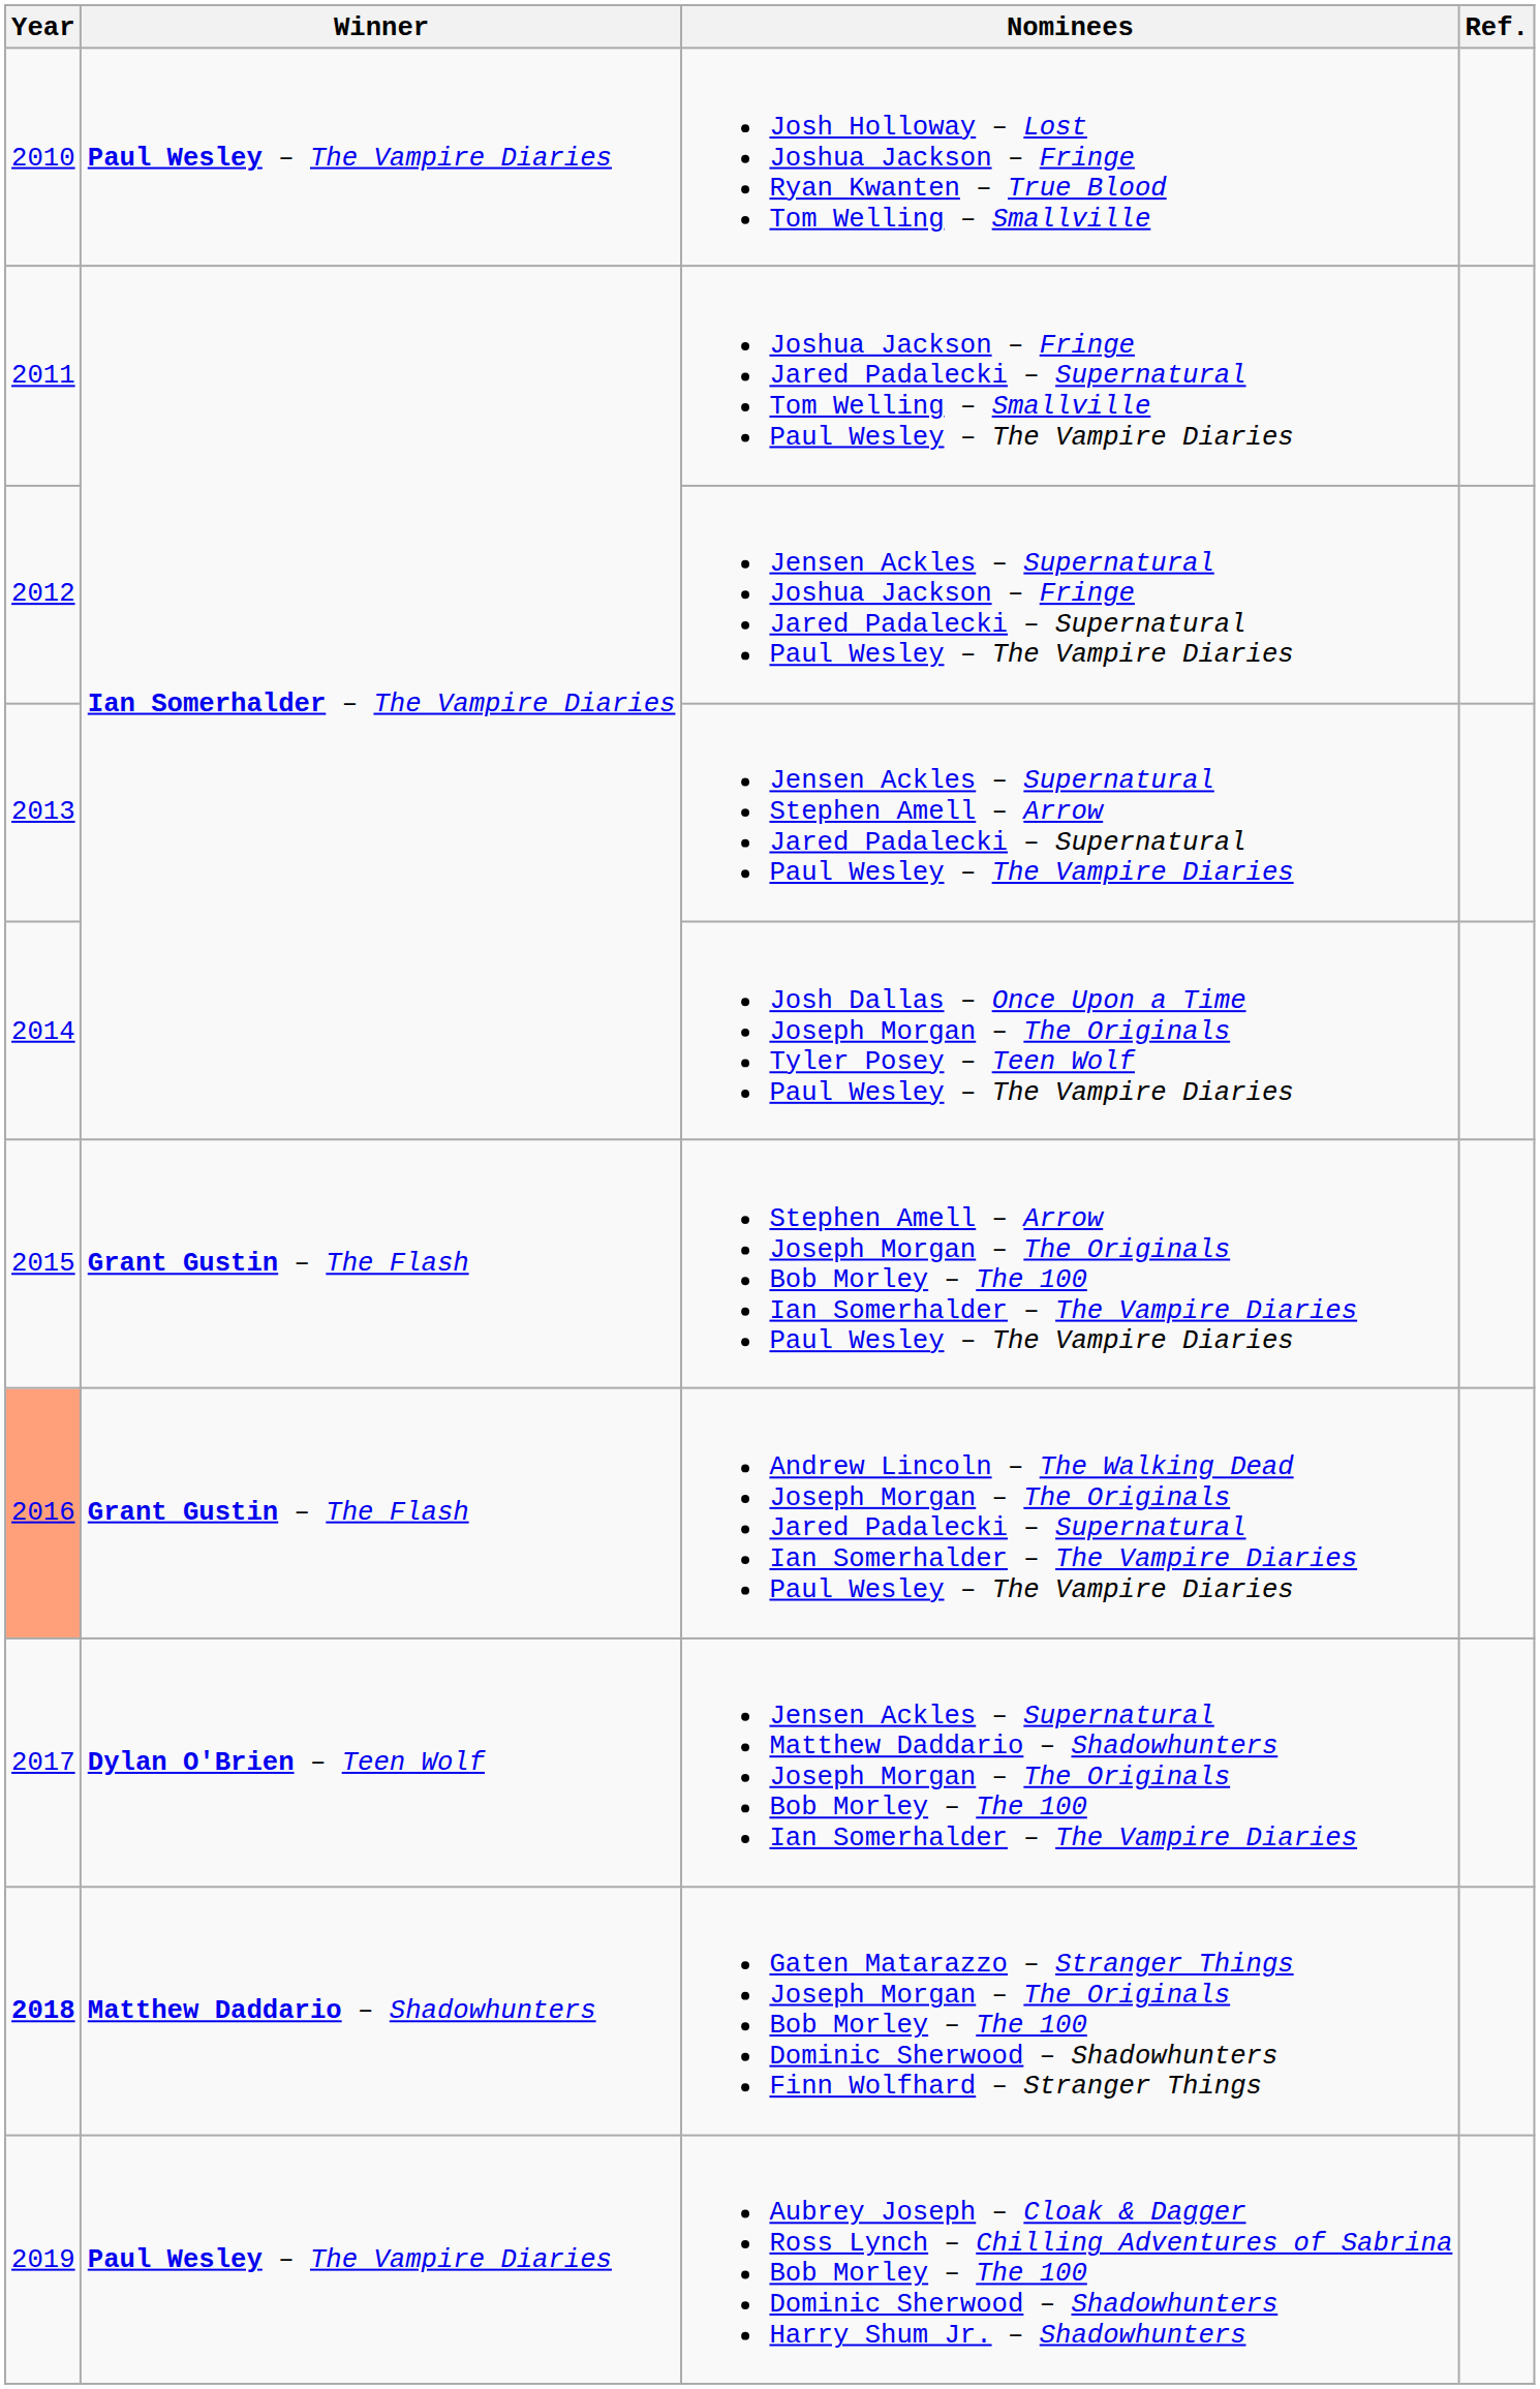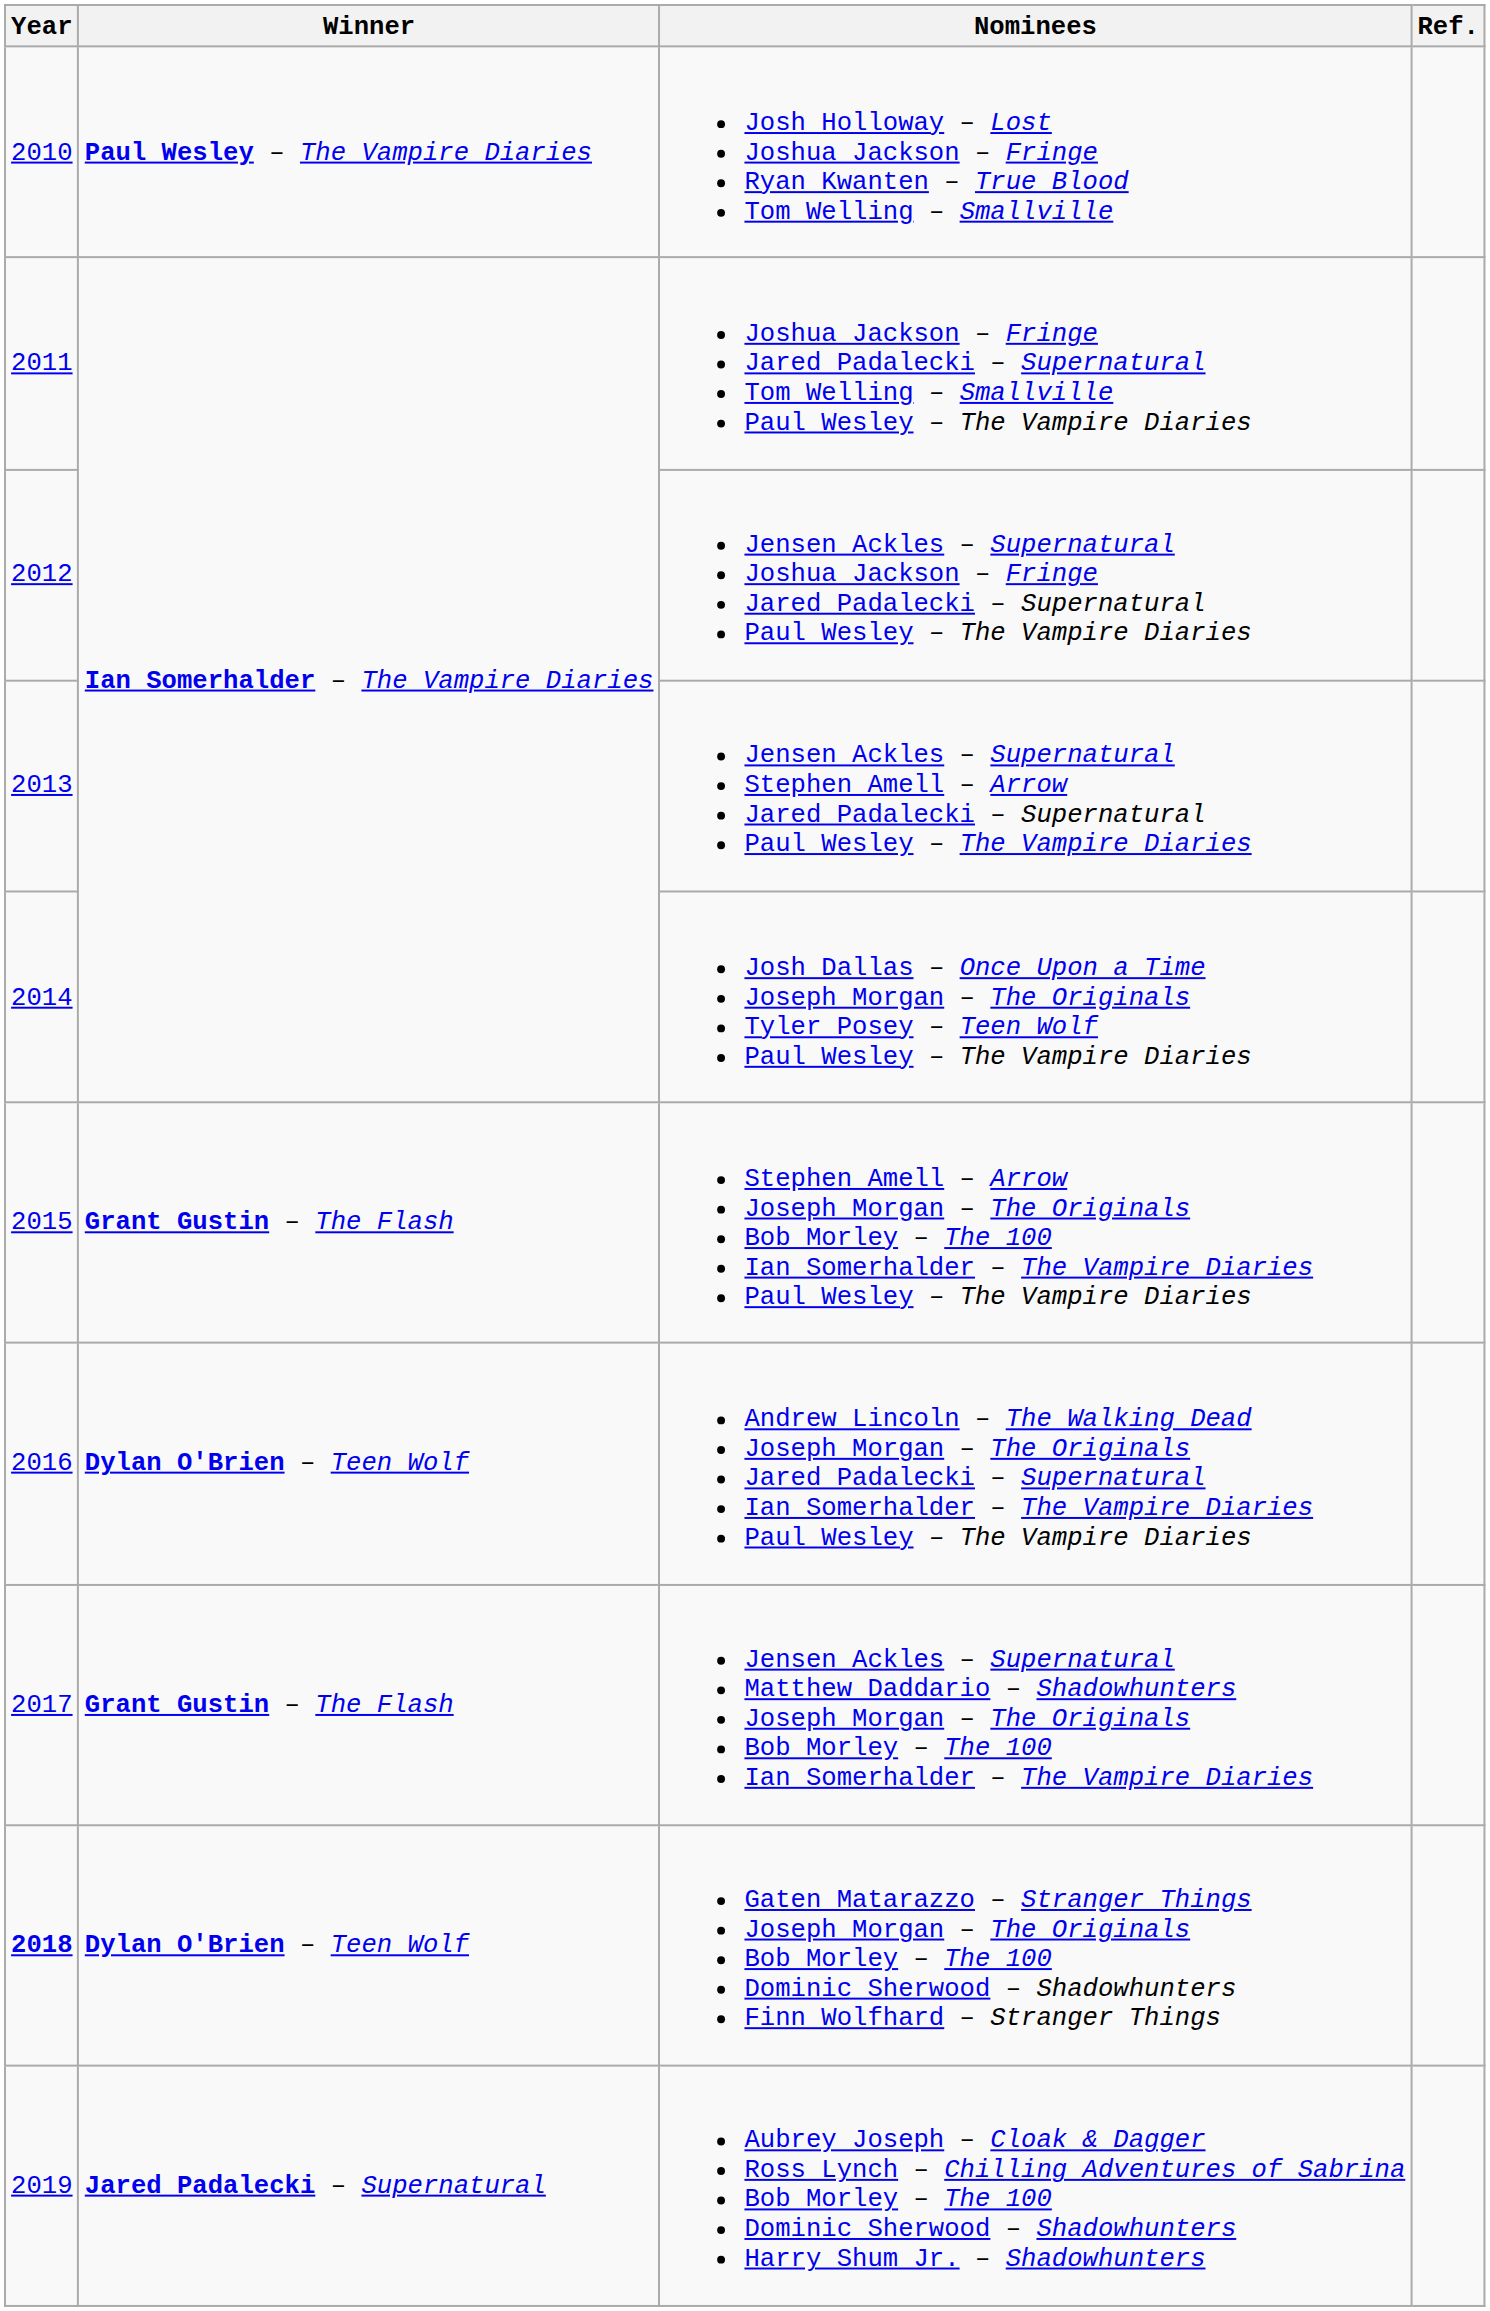 <table class="wikitable">
 <tr>
 <th>Year</th>
 <th>Winner</th>
 <th>Nominees</th>
 <th>Ref.</th>
 </tr>
 <tr>
 <td align="center"><a href='#'>2010</a></td>
 <td><strong><a href='#'>Paul Wesley</a></strong> – <em><a href='#'>The Vampire Diaries</a></em></td>
 <td><br><ul><li><a href='#'>Josh Holloway</a> – <em><a href='#'>Lost</a></em></li><li><a href='#'>Joshua Jackson</a> – <em><a href='#'>Fringe</a></em></li><li><a href='#'>Ryan Kwanten</a> – <em><a href='#'>True Blood</a></em></li><li><a href='#'>Tom Welling</a> – <em><a href='#'>Smallville</a></em></li></ul></td>
 <td align="center"></td>
 </tr>
 <tr>
 <td align="center"><a href='#'>2011</a></td>
 <td rowspan=4><strong><a href='#'>Ian Somerhalder</a></strong> – <em><a href='#'>The Vampire Diaries</a></em></td>
 <td><br><ul><li><a href='#'>Joshua Jackson</a> – <em><a href='#'>Fringe</a></em></li><li><a href='#'>Jared Padalecki</a> – <em><a href='#'>Supernatural</a></em></li><li><a href='#'>Tom Welling</a> – <em><a href='#'>Smallville</a></em></li><li><a href='#'>Paul Wesley</a> – <em>The Vampire Diaries</em></li></ul></td>
 <td align="center"></td>
 </tr>
 <tr>
 <td align="center"><a href='#'>2012</a></td>
 <td><br><ul><li><a href='#'>Jensen Ackles</a> – <em><a href='#'>Supernatural</a></em></li><li><a href='#'>Joshua Jackson</a> – <em><a href='#'>Fringe</a></em></li><li><a href='#'>Jared Padalecki</a> – <em>Supernatural</em></li><li><a href='#'>Paul Wesley</a> – <em>The Vampire Diaries</em></li></ul></td>
 <td align="center"></td>
 </tr>
 <tr>
 <td align="center"><a href='#'>2013</a></td>
 <td><br><ul><li><a href='#'>Jensen Ackles</a> – <em><a href='#'>Supernatural</a></em></li><li><a href='#'>Stephen Amell</a> – <em><a href='#'>Arrow</a></em></li><li><a href='#'>Jared Padalecki</a> – <em>Supernatural</em></li><li><a href='#'>Paul Wesley</a> – <em><a href='#'>The Vampire Diaries</a></em></li></ul></td>
 <td align="center"></td>
 </tr>
 <tr>
 <td align="center"><a href='#'>2014</a></td>
 <td><br><ul><li><a href='#'>Josh Dallas</a> – <em><a href='#'>Once Upon a Time</a></em></li><li><a href='#'>Joseph Morgan</a> – <em><a href='#'>The Originals</a></em></li><li><a href='#'>Tyler Posey</a> – <em><a href='#'>Teen Wolf</a></em></li><li><a href='#'>Paul Wesley</a> – <em>The Vampire Diaries</em></li></ul></td>
 <td align="center"></td>
 </tr>
 <tr>
 <td align="center"><a href='#'>2015</a></td>
 <td><strong><a href='#'>Grant Gustin</a></strong> – <em><a href='#'>The Flash</a></em></td>
 <td><br><ul><li><a href='#'>Stephen Amell</a> – <em><a href='#'>Arrow</a></em></li><li><a href='#'>Joseph Morgan</a> – <em><a href='#'>The Originals</a></em></li><li><a href='#'>Bob Morley</a> – <em><a href='#'>The 100</a></em></li><li><a href='#'>Ian Somerhalder</a> – <em><a href='#'>The Vampire Diaries</a></em></li><li><a href='#'>Paul Wesley</a> – <em>The Vampire Diaries</em></li></ul></td>
 <td align="center"></td>
 </tr>
 <tr>
-<td align="center" style="background: lightsalmon;"><a href='#'>2016</a></td>
-<td><strong><a href='#'>Grant Gustin</a></strong> – <em><a href='#'>The Flash</a></em></td>
+<td align="center"><a href='#'>2016</a></td>
+<td><strong><a href='#'>Dylan O'Brien</a></strong> – <em><a href='#'>Teen Wolf</a></em></td>
 <td><br><ul><li><a href='#'>Andrew Lincoln</a> – <em><a href='#'>The Walking Dead</a></em></li><li><a href='#'>Joseph Morgan</a> – <em><a href='#'>The Originals</a></em></li><li><a href='#'>Jared Padalecki</a> – <em><a href='#'>Supernatural</a></em></li><li><a href='#'>Ian Somerhalder</a> – <em><a href='#'>The Vampire Diaries</a></em></li><li><a href='#'>Paul Wesley</a> – <em>The Vampire Diaries</em></li></ul></td>
 <td align="center"></td>
 </tr>
 <tr>
 <td align="center"><a href='#'>2017</a></td>
-<td><strong><a href='#'>Dylan O'Brien</a></strong> – <em><a href='#'>Teen Wolf</a></em></td>
+<td><strong><a href='#'>Grant Gustin</a></strong> – <em><a href='#'>The Flash</a></em></td>
 <td><br><ul><li><a href='#'>Jensen Ackles</a> – <em><a href='#'>Supernatural</a></em></li><li><a href='#'>Matthew Daddario</a> – <em><a href='#'>Shadowhunters</a></em></li><li><a href='#'>Joseph Morgan</a> – <em><a href='#'>The Originals</a></em></li><li><a href='#'>Bob Morley</a> – <em><a href='#'>The 100</a></em></li><li><a href='#'>Ian Somerhalder</a> – <em><a href='#'>The Vampire Diaries</a></em></li></ul></td>
 <td align="center"></td>
 </tr>
 <tr>
 <td align="center"><strong><a href='#'>2018</a></strong></td>
-<td><strong><a href='#'>Matthew Daddario</a></strong> – <em><a href='#'>Shadowhunters</a></em></td>
+<td><strong><a href='#'>Dylan O'Brien</a></strong> – <em><a href='#'>Teen Wolf</a></em></td>
 <td><br><ul><li><a href='#'>Gaten Matarazzo</a> – <em><a href='#'>Stranger Things</a></em></li><li><a href='#'>Joseph Morgan</a> – <em><a href='#'>The Originals</a></em></li><li><a href='#'>Bob Morley</a> – <em><a href='#'>The 100</a></em></li><li><a href='#'>Dominic Sherwood</a> – <em>Shadowhunters</em></li><li><a href='#'>Finn Wolfhard</a> – <em>Stranger Things</em></li></ul></td>
 <td align="center"></td>
 </tr>
 <tr>
 <td align="center"><a href='#'>2019</a></td>
-<td><strong><a href='#'>Paul Wesley</a></strong> – <em><a href='#'>The Vampire Diaries</a></em></td>
+<td><strong><a href='#'>Jared Padalecki</a></strong> – <em><a href='#'>Supernatural</a></em></td>
 <td><br><ul><li><a href='#'>Aubrey Joseph</a> – <em><a href='#'>Cloak & Dagger</a></em></li><li><a href='#'>Ross Lynch</a> – <em><a href='#'>Chilling Adventures of Sabrina</a></em></li><li><a href='#'>Bob Morley</a> – <em><a href='#'>The 100</a></em></li><li><a href='#'>Dominic Sherwood</a> – <em><a href='#'>Shadowhunters</a></em></li><li><a href='#'>Harry Shum Jr.</a> – <em><a href='#'>Shadowhunters</a></em></li></ul></td>
 <td align="center"></td>
 </tr>
 </table>
